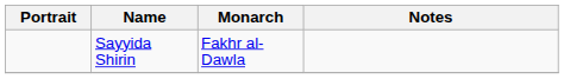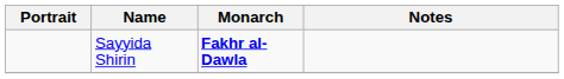 <table class="wikitable">
 <tr>
 <th width="80pt">Portrait</th>
 <th width="100pt">Name</th>
 <th width="100pt">Monarch</th>
 <th width="250pt">Notes</th>
 </tr>
 <tr>
 <td></td>
 <td><a href='#'>Sayyida Shirin</a></td>
-<td><a href='#'>Fakhr al-Dawla</a></td>
+<td><strong><a href='#'>Fakhr al-Dawla</a></strong></td>
 <td></td>
 </tr>
 <tr>
 </tr>
 </table>
